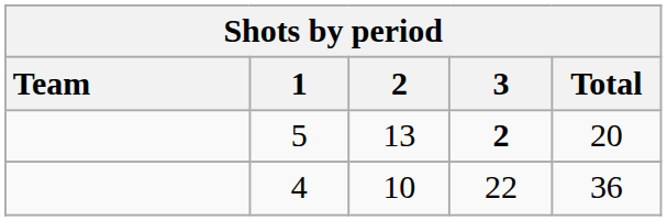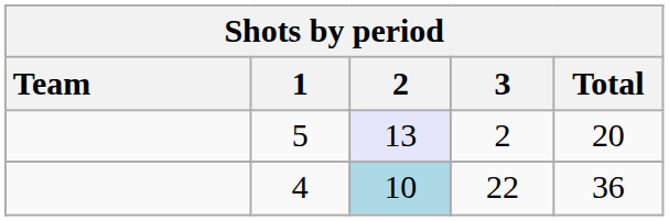 <table class="wikitable" style="width:20em; text-align:right;">
 <tr>
 <th colspan="6">Shots by period</th>
 </tr>
 <tr>
 <th style="width:8em; text-align:left;">Team</th>
 <th style="width:3em;">1</th>
 <th style="width:3em;">2</th>
 <th style="width:3em;">3</th>
 <th style="width:3em;">Total</th>
 </tr>
 <tr>
 <td style="text-align:left;"></td>
 <td style="text-align:center;">5</td>
-<td style="text-align:center;">13</td>
-<td style="text-align:center;"><strong>2</strong></td>
+<td style="background: lavender; text-align:center;">13</td>
+<td style="text-align:center;">2</td>
 <td style="text-align:center;">20</td>
 </tr>
 <tr>
 <td style="text-align:left;"></td>
 <td style="text-align:center;">4</td>
-<td style="text-align:center;">10</td>
+<td style="background: lightblue; text-align:center;">10</td>
 <td = style="text-align:center;">22</td>
 <td style="text-align:center;">36</td>
 </tr>
 </table>
